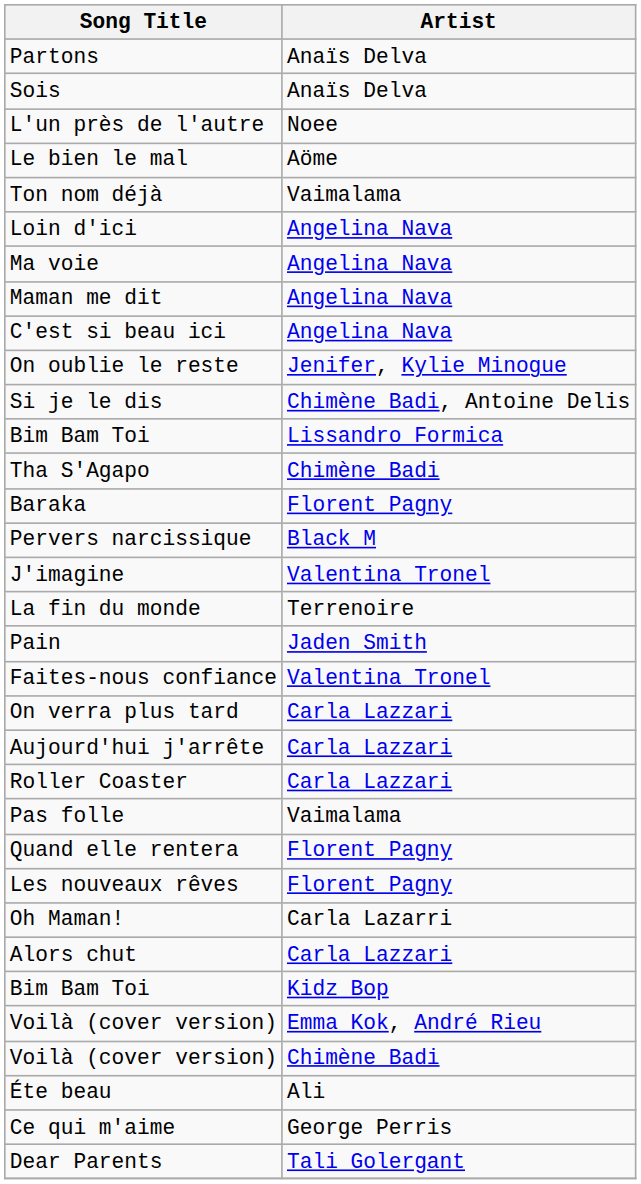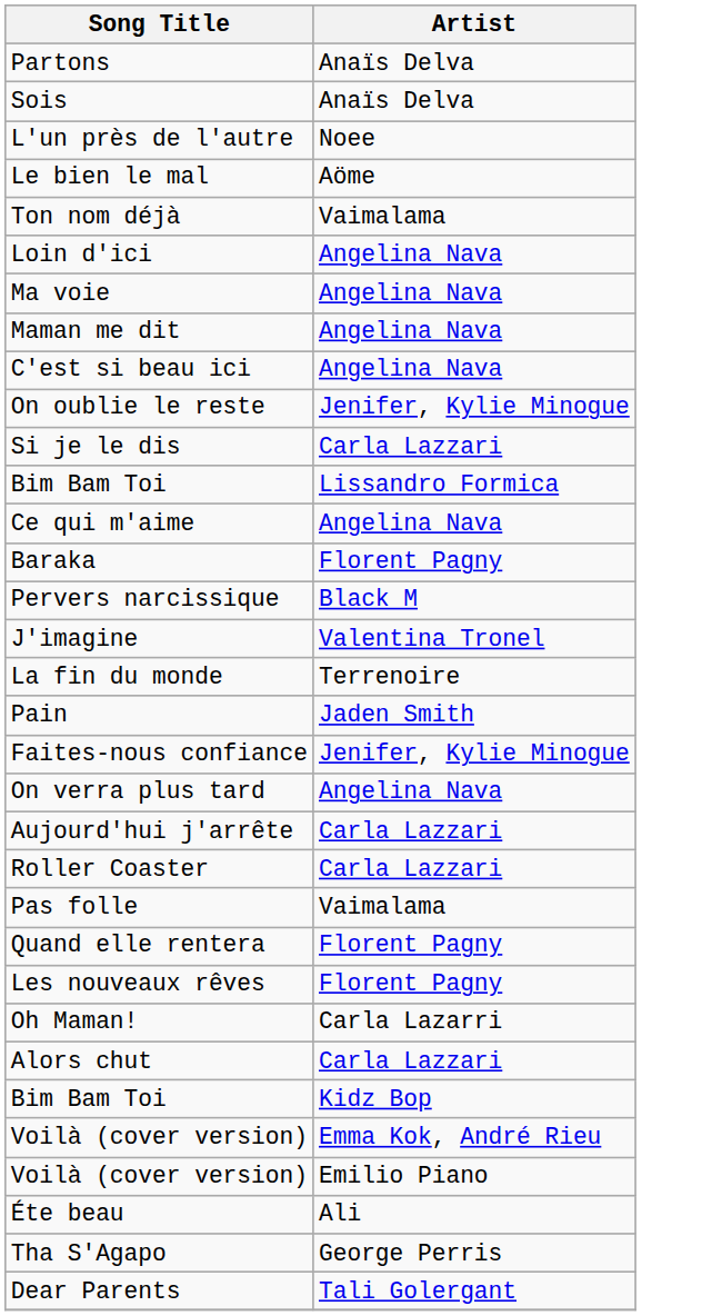 <table class="wikitable sortable">
 <tr>
 <th>Song Title</th>
 <th>Artist</th>
 </tr>
 <tr>
 <td>Partons</td>
 <td>Anaïs Delva</td>
 </tr>
 <tr>
 <td>Sois</td>
 <td>Anaïs Delva</td>
 </tr>
 <tr>
 <td>L'un près de l'autre</td>
 <td>Noee</td>
 </tr>
 <tr>
 <td>Le bien le mal</td>
 <td>Aöme</td>
 </tr>
 <tr>
 <td>Ton nom déjà</td>
 <td>Vaimalama</td>
 </tr>
 <tr>
 <td>Loin d'ici</td>
 <td><a href='#'>Angelina Nava</a></td>
 </tr>
 <tr>
 <td>Ma voie</td>
 <td><a href='#'>Angelina Nava</a></td>
 </tr>
 <tr>
 <td>Maman me dit</td>
 <td><a href='#'>Angelina Nava</a></td>
 </tr>
 <tr>
 <td>C'est si beau ici</td>
 <td><a href='#'>Angelina Nava</a></td>
 </tr>
 <tr>
 <td>On oublie le reste</td>
 <td><a href='#'>Jenifer</a>, <a href='#'>Kylie Minogue</a></td>
 </tr>
 <tr>
 <td>Si je le dis</td>
-<td><a href='#'>Chimène Badi</a>, Antoine Delis</td>
+<td><a href='#'>Carla Lazzari</a></td>
 </tr>
 <tr>
 <td>Bim Bam Toi</td>
 <td><a href='#'>Lissandro Formica</a></td>
 </tr>
 <tr>
-<td>Tha S'Agapo</td>
-<td><a href='#'>Chimène Badi</a></td>
+<td>Ce qui m'aime</td>
+<td><a href='#'>Angelina Nava</a></td>
 </tr>
 <tr>
 <td>Baraka</td>
 <td><a href='#'>Florent Pagny</a></td>
 </tr>
 <tr>
 <td>Pervers narcissique</td>
 <td><a href='#'>Black M</a></td>
 </tr>
 <tr>
 <td>J'imagine</td>
 <td><a href='#'>Valentina Tronel</a></td>
 </tr>
 <tr>
 <td>La fin du monde</td>
 <td>Terrenoire</td>
 </tr>
 <tr>
 <td>Pain</td>
 <td><a href='#'>Jaden Smith</a></td>
 </tr>
 <tr>
 <td>Faites-nous confiance</td>
-<td><a href='#'>Valentina Tronel</a></td>
+<td><a href='#'>Jenifer</a>, <a href='#'>Kylie Minogue</a></td>
 </tr>
 <tr>
 <td>On verra plus tard</td>
-<td><a href='#'>Carla Lazzari</a></td>
+<td><a href='#'>Angelina Nava</a></td>
 </tr>
 <tr>
 <td>Aujourd'hui j'arrête</td>
 <td><a href='#'>Carla Lazzari</a></td>
 </tr>
 <tr>
 <td>Roller Coaster</td>
 <td><a href='#'>Carla Lazzari</a></td>
 </tr>
 <tr>
 <td>Pas folle</td>
 <td>Vaimalama</td>
 </tr>
 <tr>
 <td>Quand elle rentera</td>
 <td><a href='#'>Florent Pagny</a></td>
 </tr>
 <tr>
 <td>Les nouveaux rêves</td>
 <td><a href='#'>Florent Pagny</a></td>
 </tr>
 <tr>
 <td>Oh Maman!</td>
 <td>Carla Lazarri</td>
 </tr>
 <tr>
 <td>Alors chut</td>
 <td><a href='#'>Carla Lazzari</a></td>
 </tr>
 <tr>
 <td>Bim Bam Toi</td>
 <td><a href='#'>Kidz Bop</a></td>
 </tr>
 <tr>
 <td>Voilà (cover version)</td>
 <td><a href='#'>Emma Kok</a>, <a href='#'>André Rieu</a></td>
 </tr>
 <tr>
 <td>Voilà (cover version)</td>
-<td><a href='#'>Chimène Badi</a></td>
+<td>Emilio Piano</td>
 </tr>
 <tr>
 <td>Éte beau</td>
 <td>Ali</td>
 </tr>
 <tr>
-<td>Ce qui m'aime</td>
+<td>Tha S'Agapo</td>
 <td>George Perris</td>
 </tr>
 <tr>
 <td>Dear Parents</td>
 <td><a href='#'>Tali Golergant</a></td>
 </tr>
 <tr>
 </tr>
 </table>
